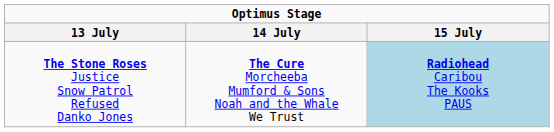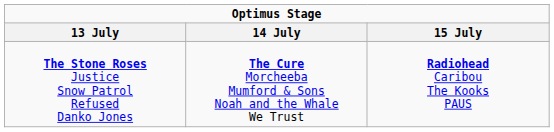 <table class="wikitable">
 <tr>
 <td colspan="3" align="center"><strong>Optimus Stage</strong></td>
 </tr>
 <tr>
 <th>13 July</th>
 <th>14 July</th>
 <th>15 July</th>
 </tr>
 <tr>
 <td valign="top" align="center" width="200"><br><strong><a href='#'>The Stone Roses</a></strong><br><a href='#'>Justice</a><br><a href='#'>Snow Patrol</a><br><a href='#'>Refused</a><br><a href='#'>Danko Jones</a></td>
 <td valign="top" align="center" width="200"><br><strong><a href='#'>The Cure</a></strong><br><a href='#'>Morcheeba</a><br><a href='#'>Mumford & Sons</a><br><a href='#'>Noah and the Whale</a><br>We Trust</td>
-<td valign="top" align="center" width="200" style="background: lightblue;"><br><strong><a href='#'>Radiohead</a></strong><br><a href='#'>Caribou</a><br><a href='#'>The Kooks</a><br><a href='#'>PAUS</a></td>
+<td valign="top" align="center" width="200"><br><strong><a href='#'>Radiohead</a></strong><br><a href='#'>Caribou</a><br><a href='#'>The Kooks</a><br><a href='#'>PAUS</a></td>
 </tr>
 </table>
